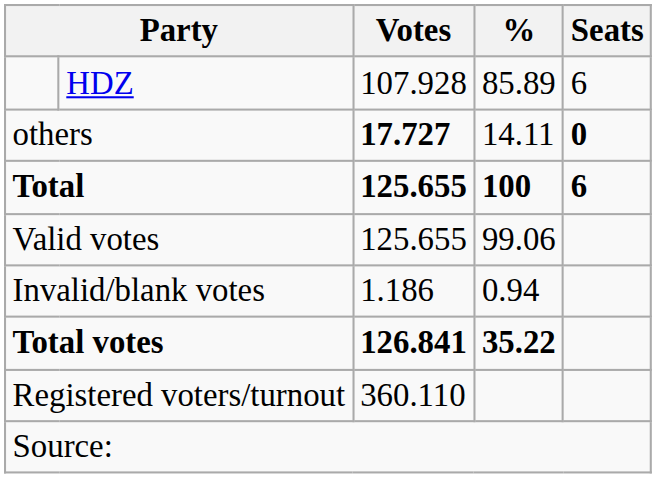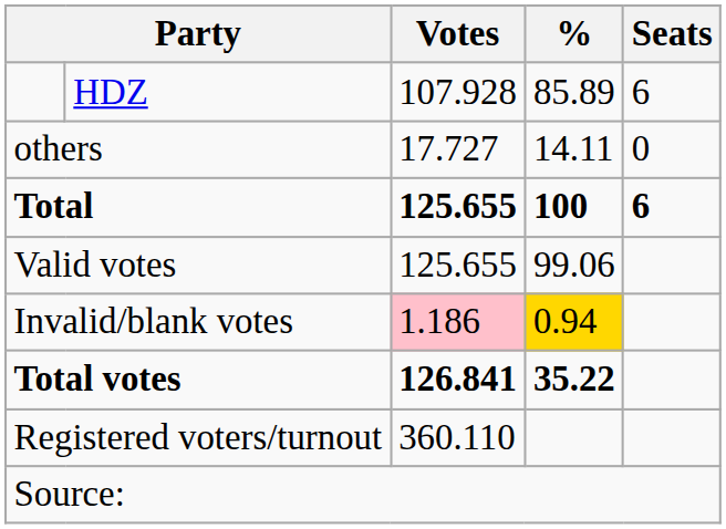 <table class="wikitable" style="text-align: left;">
 <tr>
 <th colspan="2">Party</th>
 <th>Votes</th>
 <th>%</th>
 <th>Seats</th>
 </tr>
 <tr>
 <td style="background-color: "></td>
 <td><a href='#'>HDZ</a></td>
 <td>107.928</td>
 <td>85.89</td>
 <td>6</td>
 </tr>
 <tr>
 <td colspan="2">others</td>
-<td><strong>17.727</strong></td>
+<td>17.727</td>
 <td>14.11</td>
-<td><strong>0</strong></td>
+<td>0</td>
 </tr>
 <tr>
 <td colspan="2"><strong>Total</strong></td>
 <td><strong>125.655</strong></td>
 <td><strong>100</strong></td>
 <td><strong>6</strong></td>
 </tr>
 <tr>
 <td colspan="2">Valid votes</td>
 <td>125.655</td>
 <td>99.06</td>
 <td></td>
 </tr>
 <tr>
 <td colspan="2">Invalid/blank votes</td>
-<td>1.186</td>
-<td>0.94</td>
+<td style="background: pink;">1.186</td>
+<td style="background: gold;">0.94</td>
 <td></td>
 </tr>
 <tr>
 <td colspan="2"><strong>Total votes</strong></td>
 <td><strong>126.841</strong></td>
 <td><strong>35.22</strong></td>
 <td></td>
 </tr>
 <tr>
 <td colspan="2">Registered voters/turnout</td>
 <td votes14="5343">360.110</td>
 <td></td>
 <td></td>
 </tr>
 <tr>
 <td colspan="5">Source: </td>
 </tr>
 </table>
